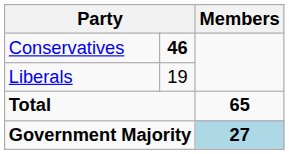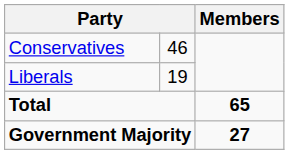 <table class="wikitable">
 <tr>
 <th colspan="2">Party</th>
 <th>Members</th>
 </tr>
 <tr>
 <td><a href='#'>Conservatives</a></td>
-<td align=center><strong>46</strong></td>
+<td align=center>46</td>
 </tr>
 <tr>
 <td><a href='#'>Liberals</a></td>
 <td align=center>19</td>
 </tr>
 <tr>
 <td colspan="2"><strong>Total</strong></td>
 <td align=center><strong>65</strong></td>
 </tr>
 <tr>
 <td colspan="2"><strong>Government Majority</strong></td>
-<td align=center style="background: lightblue;"><strong>27</strong></td>
+<td align=center><strong>27</strong></td>
 </tr>
 </table>
